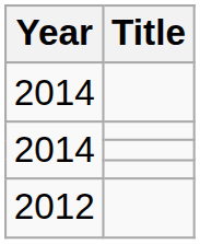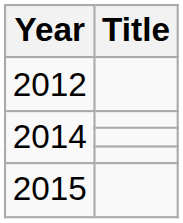 <table class="wikitable">
 <tr>
 <th>Year</th>
 <th>Title</th>
 </tr>
 <tr>
-<td align="center">2014</td>
+<td align="center">2012</td>
 <td></td>
 </tr>
 <tr>
 <td rowspan="3" align="center">2014</td>
 <td></td>
 </tr>
 <tr>
 <td></td>
 </tr>
 <tr>
 <td></td>
 </tr>
 <tr>
-<td align="center">2012</td>
+<td align="center">2015</td>
 <td></td>
 </tr>
 </table>
